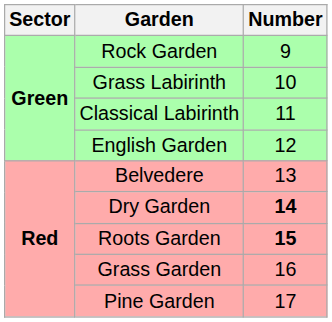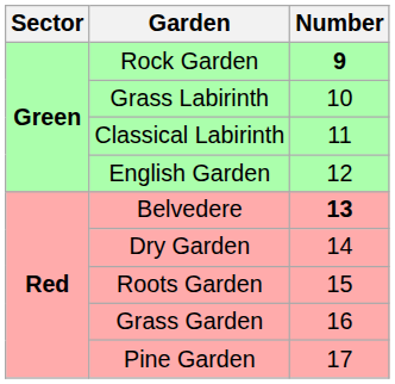 <table class="wikitable" style="text-align:center">
 <tr>
 <th>Sector</th>
 <th>Garden</th>
 <th>Number</th>
 </tr>
 <tr>
 <td style="background:#abffac;" rowspan="4"><strong>Green</strong></td>
 <td style="background:#abffac;">Rock Garden</td>
-<td style="background:#abffac;">9</td>
+<td style="background:#abffac;"><strong>9</strong></td>
 </tr>
 <tr>
 <td style="background:#abffac;">Grass Labirinth</td>
 <td style="background:#abffac;">10</td>
 </tr>
 <tr>
 <td style="background:#abffac;">Classical Labirinth</td>
 <td style="background:#abffac;">11</td>
 </tr>
 <tr>
 <td style="background:#abffac;">English Garden</td>
 <td style="background:#abffac;">12</td>
 </tr>
 <tr>
 <td style="background:#ffabab;" rowspan="5"><strong>Red</strong></td>
 <td style="background:#ffabab;">Belvedere</td>
-<td style="background:#ffabab;">13</td>
+<td style="background:#ffabab;"><strong>13</strong></td>
 </tr>
 <tr>
 <td style="background:#ffabab;">Dry Garden</td>
-<td style="background:#ffabab;"><strong>14</strong></td>
+<td style="background:#ffabab;">14</td>
 </tr>
 <tr>
 <td style="background:#ffabab;">Roots Garden</td>
-<td style="background:#ffabab;"><strong>15</strong></td>
+<td style="background:#ffabab;">15</td>
 </tr>
 <tr>
 <td style="background:#ffabab;">Grass Garden</td>
 <td style="background:#ffabab;">16</td>
 </tr>
 <tr>
 <td style="background:#ffabab;">Pine Garden</td>
 <td style="background:#ffabab;">17</td>
 </tr>
 </table>
